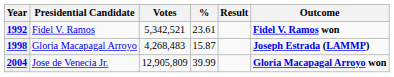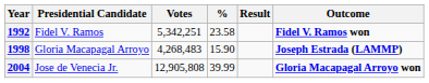 <table class="wikitable" style="text-align:center; font-size:90%">
 <tr>
 <th>Year</th>
 <th>Presidential Candidate</th>
 <th>Votes</th>
 <th>%</th>
 <th>Result</th>
 <th>Outcome</th>
 </tr>
 <tr>
 <th><a href='#'>1992</a></th>
 <td align="left"><a href='#'>Fidel V. Ramos</a></td>
-<td>5,342,521</td>
-<td>23.61</td>
+<td>5,342,251</td>
+<td>23.58</td>
 <td></td>
 <td align="left" style="background:"><strong><a href='#'>Fidel V. Ramos</a></strong> <strong>won</strong></td>
 </tr>
 <tr>
 <th><a href='#'>1998</a></th>
 <td align="left"><a href='#'>Gloria Macapagal Arroyo</a></td>
 <td>4,268,483</td>
-<td>15.87</td>
+<td>15.90</td>
 <td></td>
 <td align="left"><strong><a href='#'>Joseph Estrada</a> (<a href='#'>LAMMP</a>)</strong></td>
 </tr>
 <tr>
 <th><a href='#'>2004</a></th>
 <td align="left"><a href='#'>Jose de Venecia Jr.</a></td>
-<td>12,905,809</td>
+<td>12,905,808</td>
 <td>39.99</td>
 <td></td>
 <td align="left" style="background:"><strong><a href='#'>Gloria Macapagal Arroyo</a></strong> <strong>won</strong></td>
 </tr>
 </table>
